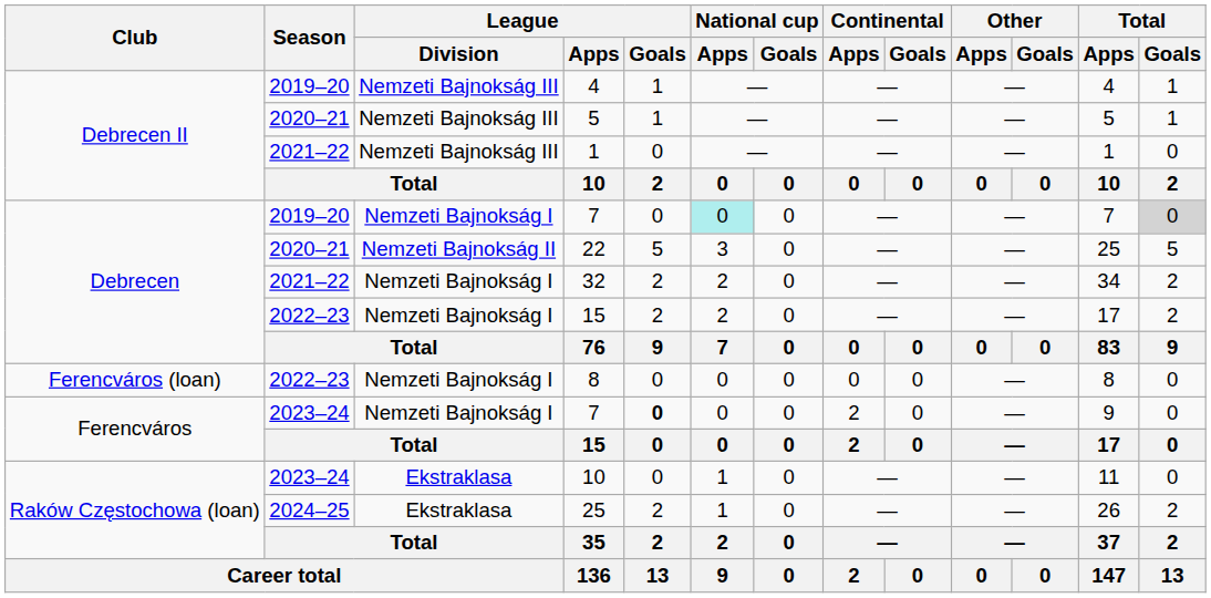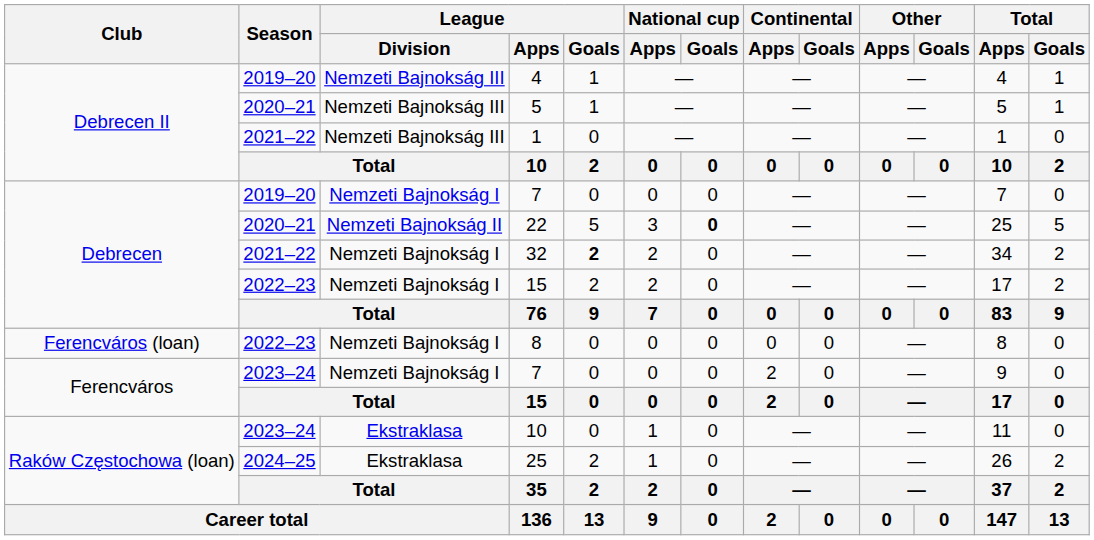 <table class="wikitable" style="text-align:center">
 <tr>
 <th rowspan="2">Club</th>
 <th rowspan="2">Season</th>
 <th colspan="3">League</th>
 <th colspan="2">National cup</th>
 <th colspan="2">Continental</th>
 <th colspan="2">Other</th>
 <th colspan="2">Total</th>
 </tr>
 <tr>
 <th>Division</th>
 <th>Apps</th>
 <th>Goals</th>
 <th>Apps</th>
 <th>Goals</th>
 <th>Apps</th>
 <th>Goals</th>
 <th>Apps</th>
 <th>Goals</th>
 <th>Apps</th>
 <th>Goals</th>
 </tr>
 <tr>
 <td rowspan="4"><a href='#'>Debrecen II</a></td>
 <td><a href='#'>2019–20</a></td>
 <td><a href='#'>Nemzeti Bajnokság III</a></td>
 <td>4</td>
 <td>1</td>
 <td colspan="2">—</td>
 <td colspan="2">—</td>
 <td colspan="2">—</td>
 <td>4</td>
 <td>1</td>
 </tr>
 <tr>
 <td><a href='#'>2020–21</a></td>
 <td>Nemzeti Bajnokság III</td>
 <td>5</td>
 <td>1</td>
 <td colspan="2">—</td>
 <td colspan="2">—</td>
 <td colspan="2">—</td>
 <td>5</td>
 <td>1</td>
 </tr>
 <tr>
 <td><a href='#'>2021–22</a></td>
 <td>Nemzeti Bajnokság III</td>
 <td>1</td>
 <td>0</td>
 <td colspan="2">—</td>
 <td colspan="2">—</td>
 <td colspan="2">—</td>
 <td>1</td>
 <td>0</td>
 </tr>
 <tr>
 <th colspan="2">Total</th>
 <th>10</th>
 <th>2</th>
 <th>0</th>
 <th>0</th>
 <th>0</th>
 <th>0</th>
 <th>0</th>
 <th>0</th>
 <th>10</th>
 <th>2</th>
 </tr>
 <tr>
 <td rowspan="5"><a href='#'>Debrecen</a></td>
 <td><a href='#'>2019–20</a></td>
 <td><a href='#'>Nemzeti Bajnokság I</a></td>
 <td>7</td>
 <td>0</td>
-<td style="background: paleturquoise;">0</td>
+<td>0</td>
 <td>0</td>
 <td colspan="2">—</td>
 <td colspan="2">—</td>
 <td>7</td>
-<td style="background: lightgrey;">0</td>
+<td>0</td>
 </tr>
 <tr>
 <td><a href='#'>2020–21</a></td>
 <td><a href='#'>Nemzeti Bajnokság II</a></td>
 <td>22</td>
 <td>5</td>
 <td>3</td>
-<td>0</td>
+<td><strong>0</strong></td>
 <td colspan="2">—</td>
 <td colspan="2">—</td>
 <td>25</td>
 <td>5</td>
 </tr>
 <tr>
 <td><a href='#'>2021–22</a></td>
 <td>Nemzeti Bajnokság I</td>
 <td>32</td>
-<td>2</td>
+<td><strong>2</strong></td>
 <td>2</td>
 <td>0</td>
 <td colspan="2">—</td>
 <td colspan="2">—</td>
 <td>34</td>
 <td>2</td>
 </tr>
 <tr>
 <td><a href='#'>2022–23</a></td>
 <td>Nemzeti Bajnokság I</td>
 <td>15</td>
 <td>2</td>
 <td>2</td>
 <td>0</td>
 <td colspan="2">—</td>
 <td colspan="2">—</td>
 <td>17</td>
 <td>2</td>
 </tr>
 <tr>
 <th colspan="2">Total</th>
 <th>76</th>
 <th>9</th>
 <th>7</th>
 <th>0</th>
 <th>0</th>
 <th>0</th>
 <th>0</th>
 <th>0</th>
 <th>83</th>
 <th>9</th>
 </tr>
 <tr>
 <td><a href='#'>Ferencváros</a> (loan)</td>
 <td><a href='#'>2022–23</a></td>
 <td>Nemzeti Bajnokság I</td>
 <td>8</td>
 <td>0</td>
 <td>0</td>
 <td>0</td>
 <td>0</td>
 <td>0</td>
 <td colspan="2">—</td>
 <td>8</td>
 <td>0</td>
 </tr>
 <tr>
 <td rowspan="2">Ferencváros</td>
 <td><a href='#'>2023–24</a></td>
 <td>Nemzeti Bajnokság I</td>
 <td>7</td>
-<td><strong>0</strong></td>
+<td>0</td>
 <td>0</td>
 <td>0</td>
 <td>2</td>
 <td>0</td>
 <td colspan="2">—</td>
 <td>9</td>
 <td>0</td>
 </tr>
 <tr>
 <th colspan="2">Total</th>
 <th>15</th>
 <th>0</th>
 <th>0</th>
 <th>0</th>
 <th>2</th>
 <th>0</th>
 <th colspan="2">—</th>
 <th>17</th>
 <th>0</th>
 </tr>
 <tr>
 <td rowspan="3"><a href='#'>Raków Częstochowa</a> (loan)</td>
 <td><a href='#'>2023–24</a></td>
 <td><a href='#'>Ekstraklasa</a></td>
 <td>10</td>
 <td>0</td>
 <td>1</td>
 <td>0</td>
 <td colspan="2">—</td>
 <td colspan="2">—</td>
 <td>11</td>
 <td>0</td>
 </tr>
 <tr>
 <td><a href='#'>2024–25</a></td>
 <td>Ekstraklasa</td>
 <td>25</td>
 <td>2</td>
 <td>1</td>
 <td>0</td>
 <td colspan="2">—</td>
 <td colspan="2">—</td>
 <td>26</td>
 <td>2</td>
 </tr>
 <tr>
 <th colspan="2">Total</th>
 <th>35</th>
 <th>2</th>
 <th>2</th>
 <th>0</th>
 <th colspan="2">—</th>
 <th colspan="2">—</th>
 <th>37</th>
 <th>2</th>
 </tr>
 <tr>
 <th colspan="3">Career total</th>
 <th>136</th>
 <th>13</th>
 <th>9</th>
 <th>0</th>
 <th>2</th>
 <th>0</th>
 <th>0</th>
 <th>0</th>
 <th>147</th>
 <th>13</th>
 </tr>
 </table>
